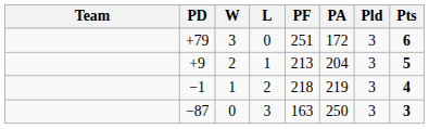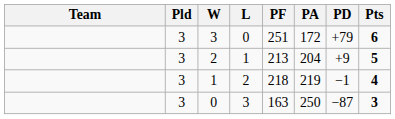 <table class="wikitable" style="text-align:center;">
 <tr>
 <th width=180>Team</th>
-<th width=30>PD</th>
+<th width=30>Pld</th>
 <th width=30>W</th>
 <th width=30>L</th>
 <th width=30>PF</th>
 <th width=30>PA</th>
-<th width=30>Pld</th>
+<th width=30>PD</th>
 <th width=30>Pts</th>
 </tr>
 <tr>
 <td align="left"></td>
-<td>+79</td>
+<td>3</td>
 <td>3</td>
 <td>0</td>
 <td>251</td>
 <td>172</td>
-<td>3</td>
+<td>+79</td>
 <td><strong>6</strong></td>
 </tr>
 <tr>
 <td align="left"></td>
-<td>+9</td>
+<td>3</td>
 <td>2</td>
 <td>1</td>
 <td>213</td>
 <td>204</td>
-<td>3</td>
+<td>+9</td>
 <td><strong>5</strong></td>
 </tr>
 <tr>
 <td align="left"></td>
-<td>−1</td>
+<td>3</td>
 <td>1</td>
 <td>2</td>
 <td>218</td>
 <td>219</td>
-<td>3</td>
+<td>−1</td>
 <td><strong>4</strong></td>
 </tr>
 <tr>
 <td align="left"></td>
-<td>−87</td>
+<td>3</td>
 <td>0</td>
 <td>3</td>
 <td>163</td>
 <td>250</td>
-<td>3</td>
+<td>−87</td>
 <td><strong>3</strong></td>
 </tr>
 </table>
